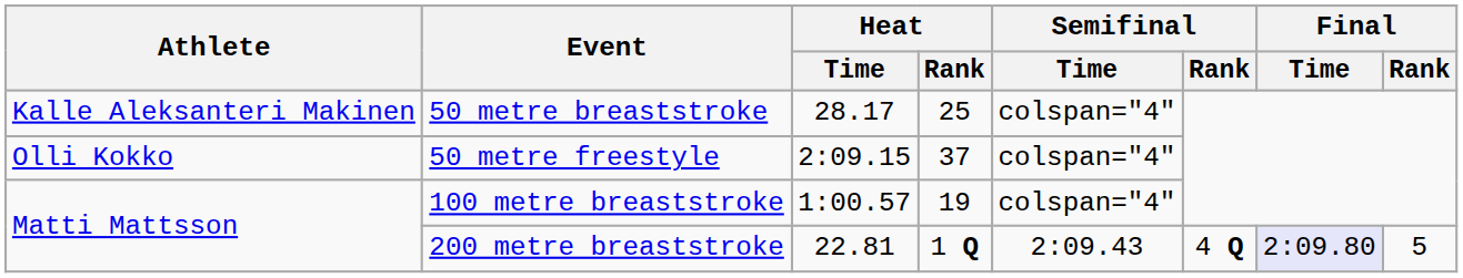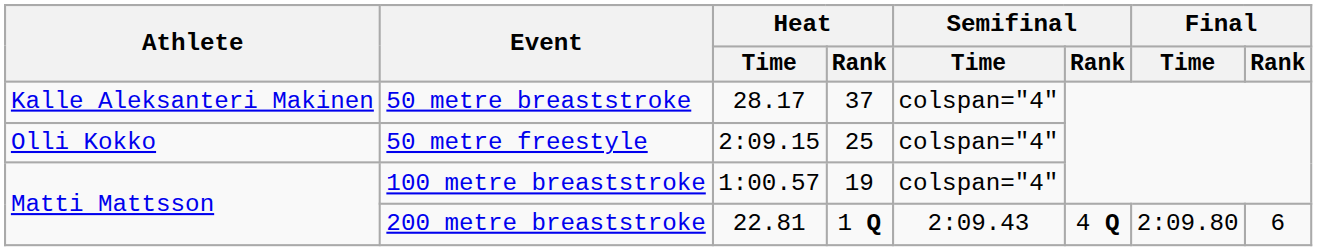 <table class="wikitable" style="text-align:center; font-size:90%; width:50%;">
 <tr>
 <th rowspan="2">Athlete</th>
 <th rowspan="2">Event</th>
 <th colspan="2">Heat</th>
 <th colspan="2">Semifinal</th>
 <th colspan="2">Final</th>
 </tr>
 <tr style="font-size:95%">
 <th>Time</th>
 <th>Rank</th>
 <th>Time</th>
 <th>Rank</th>
 <th>Time</th>
 <th>Rank</th>
 </tr>
 <tr align=center>
 <td align=left><a href='#'>Kalle Aleksanteri Makinen</a></td>
 <td align=left><a href='#'>50 metre breaststroke</a></td>
 <td>28.17</td>
-<td>25</td>
+<td>37</td>
 <td>colspan="4" </td>
 </tr>
 <tr align=center>
 <td align=left><a href='#'>Olli Kokko</a></td>
 <td align=left><a href='#'>50 metre freestyle</a></td>
 <td>2:09.15</td>
-<td>37</td>
+<td>25</td>
 <td>colspan="4" </td>
 </tr>
 <tr align=center>
 <td align=left rowspan=2><a href='#'>Matti Mattsson</a></td>
 <td align=left><a href='#'>100 metre breaststroke</a></td>
 <td>1:00.57</td>
 <td>19</td>
 <td>colspan="4" </td>
 </tr>
 <tr align=center>
 <td align=left><a href='#'>200 metre breaststroke</a></td>
 <td>22.81</td>
 <td>1 <strong>Q</strong></td>
 <td>2:09.43</td>
 <td>4 <strong>Q</strong></td>
-<td style="background: lavender;">2:09.80</td>
-<td>5</td>
+<td>2:09.80</td>
+<td>6</td>
 </tr>
 </table>
